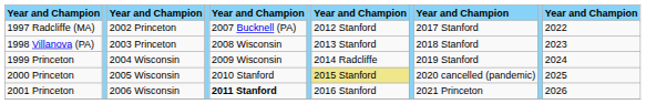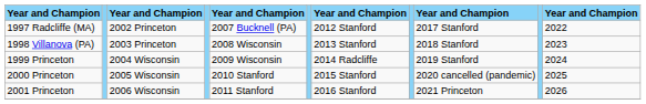 <table class="wikitable" style="font-size:85%;">
 <tr ! style="background-color: #87D3F8;">
 <td><strong>Year and Champion</strong></td>
 <td rowspan=6></td>
 <td><strong>Year and Champion</strong></td>
 <td rowspan=6></td>
 <td><strong>Year and Champion</strong></td>
 <td rowspan=6></td>
 <td><strong>Year and Champion</strong></td>
 <td rowspan=6></td>
 <td><strong>Year and Champion</strong></td>
 <td rowspan=6></td>
 <td><strong>Year and Champion</strong></td>
 </tr>
 <tr --->
 <td>1997 Radcliffe (MA)</td>
 <td>2002 Princeton</td>
 <td>2007 <a href='#'>Bucknell</a> (PA)</td>
 <td>2012 Stanford</td>
 <td>2017 Stanford</td>
 <td>2022</td>
 </tr>
 <tr --->
 <td>1998 <a href='#'>Villanova</a> (PA)</td>
 <td>2003 Princeton</td>
 <td>2008 Wisconsin</td>
 <td>2013 Stanford</td>
 <td>2018 Stanford</td>
 <td>2023</td>
 </tr>
 <tr --->
 <td>1999 Princeton</td>
 <td>2004 Wisconsin</td>
 <td>2009 Wisconsin</td>
 <td>2014 Radcliffe</td>
 <td>2019 Stanford</td>
 <td>2024</td>
 </tr>
 <tr --->
 <td>2000 Princeton</td>
 <td>2005 Wisconsin</td>
 <td>2010 Stanford</td>
-<td style="background: khaki;">2015 Stanford</td>
+<td>2015 Stanford</td>
 <td>2020 cancelled (pandemic)</td>
 <td>2025</td>
 </tr>
 <tr --->
 <td>2001 Princeton</td>
 <td>2006 Wisconsin</td>
-<td><strong>2011 Stanford</strong></td>
+<td>2011 Stanford</td>
 <td>2016 Stanford</td>
 <td>2021 Princeton</td>
 <td>2026</td>
 </tr>
 <tr --->
 </tr>
 </table>
